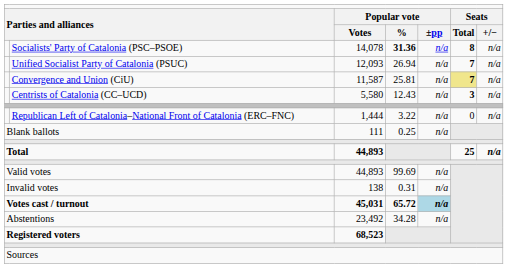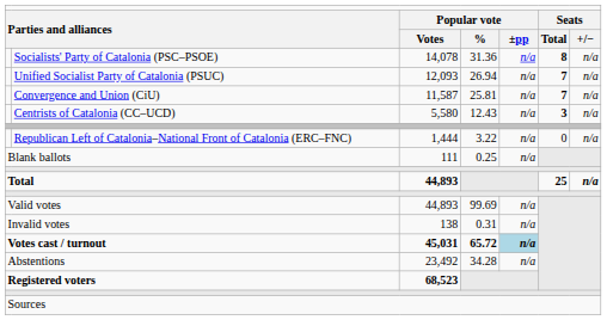 <table class="wikitable" style="text-align:right;">
 <tr>
 <td colspan="7"></td>
 </tr>
 <tr>
 <th style="text-align:left;" rowspan="2" colspan="2" width="525">Parties and alliances</th>
 <th colspan="3">Popular vote</th>
 <th colspan="2">Seats</th>
 </tr>
 <tr>
 <th width="75">Votes</th>
 <th width="45">%</th>
 <th width="45">±<a href='#'>pp</a></th>
 <th width="35">Total</th>
 <th width="35">+/−</th>
 </tr>
 <tr>
 <td width="1" style="color:inherit;background:"></td>
 <td align="left"><a href='#'>Socialists' Party of Catalonia</a> (PSC–PSOE)</td>
 <td>14,078</td>
-<td><strong>31.36</strong></td>
+<td>31.36</td>
 <td><em><a href='#'>n/a</a></em></td>
 <td><strong>8</strong></td>
 <td><em>n/a</em></td>
 </tr>
 <tr>
 <td style="color:inherit;background:"></td>
 <td align="left"><a href='#'>Unified Socialist Party of Catalonia</a> (PSUC)</td>
 <td>12,093</td>
 <td>26.94</td>
 <td><em>n/a</em></td>
 <td><strong>7</strong></td>
 <td><em>n/a</em></td>
 </tr>
 <tr>
 <td style="color:inherit;background:"></td>
 <td align="left"><a href='#'>Convergence and Union</a> (CiU)</td>
 <td>11,587</td>
 <td>25.81</td>
 <td><em>n/a</em></td>
-<td style="background: khaki;"><strong>7</strong></td>
+<td><strong>7</strong></td>
 <td><em>n/a</em></td>
 </tr>
 <tr>
 <td style="color:inherit;background:"></td>
 <td align="left"><a href='#'>Centrists of Catalonia</a> (CC–UCD)</td>
 <td>5,580</td>
 <td>12.43</td>
 <td><em>n/a</em></td>
 <td><strong>3</strong></td>
 <td><em>n/a</em></td>
 </tr>
 <tr>
 <td colspan="7" style="color:inherit;background:#C0C0C0"></td>
 </tr>
 <tr>
 <td style="color:inherit;background:"></td>
 <td align="left"><a href='#'>Republican Left of Catalonia</a>–<a href='#'>National Front of Catalonia</a> (ERC–FNC)</td>
 <td>1,444</td>
 <td>3.22</td>
 <td><em>n/a</em></td>
 <td>0</td>
 <td><em>n/a</em></td>
 </tr>
 <tr>
 <td align="left" colspan="2">Blank ballots</td>
 <td>111</td>
 <td>0.25</td>
 <td><em>n/a</em></td>
 <td style="color:inherit;background:#E9E9E9" colspan="2"></td>
 </tr>
 <tr>
 <td colspan="7" style="color:inherit;background:#E9E9E9"></td>
 </tr>
 <tr style="font-weight:bold;">
 <td align="left" colspan="2">Total</td>
 <td>44,893</td>
 <td bgcolor="#E9E9E9" colspan="2"></td>
 <td>25</td>
 <td><em>n/a</em></td>
 </tr>
 <tr>
 <td colspan="7" style="color:inherit;background:#E9E9E9"></td>
 </tr>
 <tr>
 <td align="left" colspan="2">Valid votes</td>
 <td>44,893</td>
 <td>99.69</td>
 <td><em>n/a</em></td>
 <td bgcolor="#E9E9E9" colspan="2" rowspan="5"></td>
 </tr>
 <tr>
 <td align="left" colspan="2">Invalid votes</td>
 <td>138</td>
 <td>0.31</td>
 <td><em>n/a</em></td>
 </tr>
 <tr style="font-weight:bold;">
 <td align="left" colspan="2">Votes cast / turnout</td>
 <td>45,031</td>
 <td>65.72</td>
 <td style="background: lightblue;"><em>n/a</em></td>
 </tr>
 <tr>
 <td align="left" colspan="2">Abstentions</td>
 <td>23,492</td>
 <td>34.28</td>
 <td><em>n/a</em></td>
 </tr>
 <tr style="font-weight:bold;">
 <td align="left" colspan="2">Registered voters</td>
 <td>68,523</td>
 <td bgcolor="#E9E9E9" colspan="2"></td>
 </tr>
 <tr>
 <td colspan="7" style="color:inherit;background:#E9E9E9"></td>
 </tr>
 <tr>
 <td align="left" colspan="7">Sources</td>
 </tr>
 </table>
